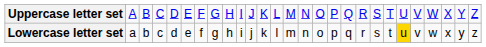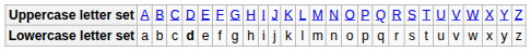 <table class="wikitable" style="margin:1em auto; text-align:center; table-layout:fixed">
 <tr>
 <th>Uppercase letter set</th>
 <td><a href='#'>A</a></td>
 <td><a href='#'>B</a></td>
 <td><a href='#'>C</a></td>
 <td><a href='#'>D</a></td>
 <td><a href='#'>E</a></td>
 <td><a href='#'>F</a></td>
 <td><a href='#'>G</a></td>
 <td><a href='#'>H</a></td>
 <td><a href='#'>I</a></td>
 <td><a href='#'>J</a></td>
 <td><a href='#'>K</a></td>
 <td><a href='#'>L</a></td>
 <td><a href='#'>M</a></td>
 <td><a href='#'>N</a></td>
 <td><a href='#'>O</a></td>
 <td><a href='#'>P</a></td>
 <td><a href='#'>Q</a></td>
 <td><a href='#'>R</a></td>
 <td><a href='#'>S</a></td>
 <td><a href='#'>T</a></td>
 <td><a href='#'>U</a></td>
 <td><a href='#'>V</a></td>
 <td><a href='#'>W</a></td>
 <td><a href='#'>X</a></td>
 <td><a href='#'>Y</a></td>
 <td><a href='#'>Z</a></td>
 </tr>
 <tr>
 <th>Lowercase letter set</th>
 <td>a</td>
 <td>b</td>
 <td>c</td>
-<td>d</td>
+<td><strong>d</strong></td>
 <td>e</td>
 <td>f</td>
 <td>g</td>
 <td>h</td>
 <td>i</td>
 <td>j</td>
 <td>k</td>
 <td>l</td>
 <td>m</td>
 <td>n</td>
 <td>o</td>
 <td>p</td>
 <td>q</td>
 <td>r</td>
 <td>s</td>
 <td>t</td>
-<td style="background: gold;">u</td>
+<td>u</td>
 <td>v</td>
 <td>w</td>
 <td>x</td>
 <td>y</td>
 <td>z</td>
 </tr>
 </table>
